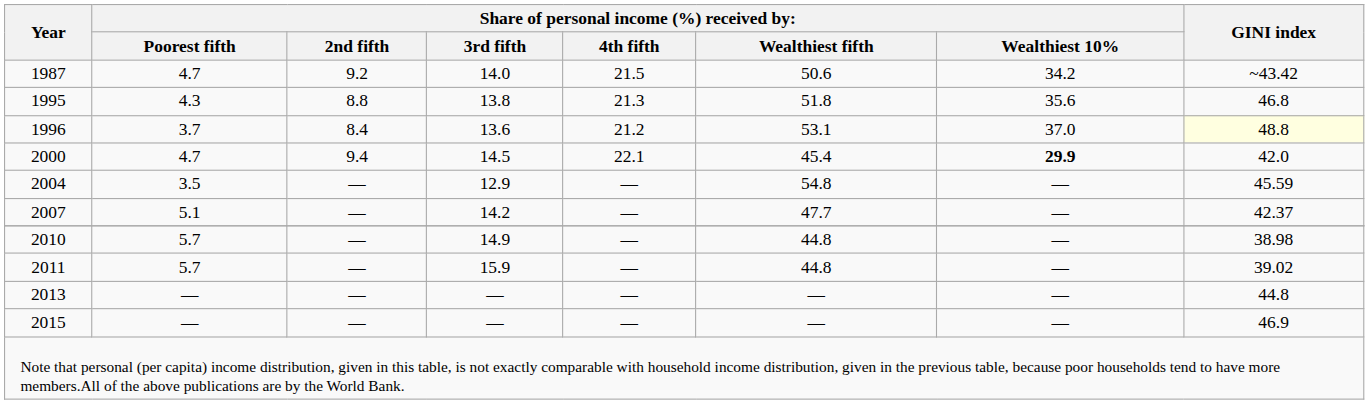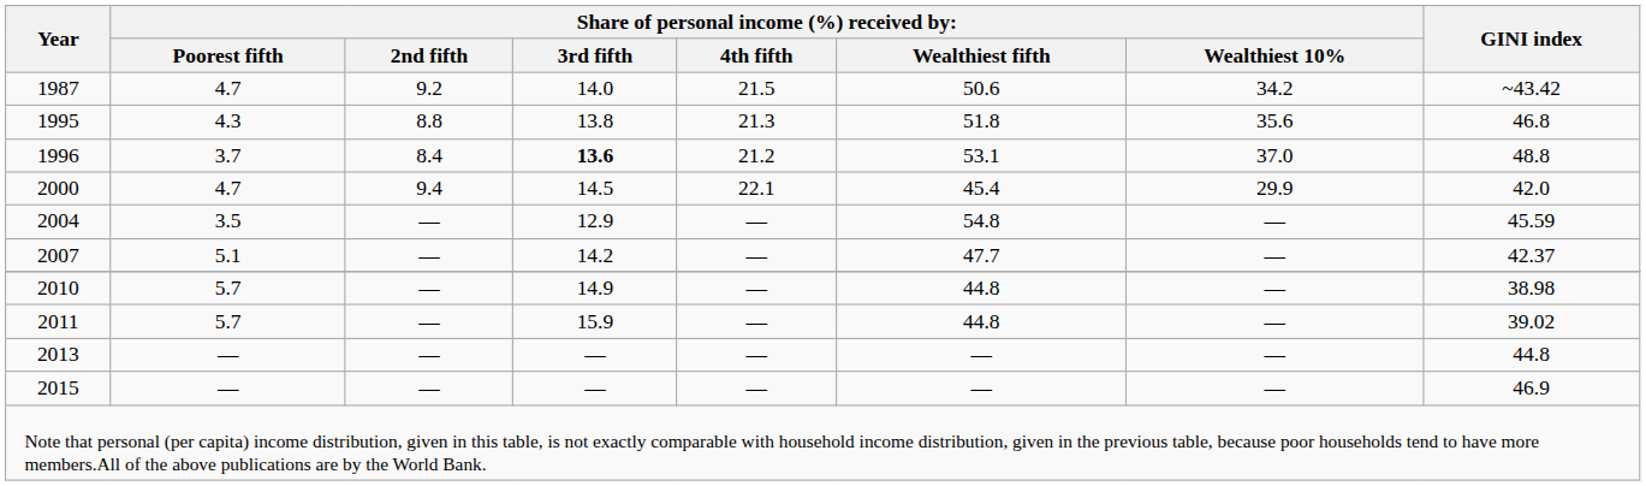 <table class="wikitable" style="text-align:center">
 <tr>
 <th rowspan=2>Year</th>
 <th colspan=6>Share of personal income (%) received by:</th>
 <th rowspan=2>GINI index</th>
 </tr>
 <tr>
 <th>Poorest fifth</th>
 <th>2nd fifth</th>
 <th>3rd fifth</th>
 <th>4th fifth</th>
 <th>Wealthiest fifth</th>
 <th>Wealthiest 10%</th>
 </tr>
 <tr>
 <td>1987</td>
 <td>4.7</td>
 <td>9.2</td>
 <td>14.0</td>
 <td>21.5</td>
 <td>50.6</td>
 <td>34.2</td>
 <td>~43.42</td>
 </tr>
 <tr>
 <td>1995</td>
 <td>4.3</td>
 <td>8.8</td>
 <td>13.8</td>
 <td>21.3</td>
 <td>51.8</td>
 <td>35.6</td>
 <td>46.8</td>
 </tr>
 <tr>
 <td>1996</td>
 <td>3.7</td>
 <td>8.4</td>
-<td>13.6</td>
+<td><strong>13.6</strong></td>
 <td>21.2</td>
 <td>53.1</td>
 <td>37.0</td>
-<td style="background: lightyellow;">48.8</td>
+<td>48.8</td>
 </tr>
 <tr>
 <td>2000</td>
 <td>4.7</td>
 <td>9.4</td>
 <td>14.5</td>
 <td>22.1</td>
 <td>45.4</td>
-<td><strong>29.9</strong></td>
+<td>29.9</td>
 <td>42.0</td>
 </tr>
 <tr>
 <td>2004</td>
 <td>3.5</td>
 <td>—</td>
 <td>12.9</td>
 <td>—</td>
 <td>54.8</td>
 <td>—</td>
 <td>45.59</td>
 </tr>
 <tr>
 <td>2007</td>
 <td>5.1</td>
 <td>—</td>
 <td>14.2</td>
 <td>—</td>
 <td>47.7</td>
 <td>—</td>
 <td>42.37</td>
 </tr>
 <tr>
 </tr>
 <tr>
 <td>2010</td>
 <td>5.7</td>
 <td>—</td>
 <td>14.9</td>
 <td>—</td>
 <td>44.8</td>
 <td>—</td>
 <td>38.98</td>
 </tr>
 <tr>
 <td>2011</td>
 <td>5.7</td>
 <td>—</td>
 <td>15.9</td>
 <td>—</td>
 <td>44.8</td>
 <td>—</td>
 <td>39.02</td>
 </tr>
 <tr>
 <td>2013</td>
 <td>—</td>
 <td>—</td>
 <td>—</td>
 <td>—</td>
 <td>—</td>
 <td>—</td>
 <td>44.8</td>
 </tr>
 <tr>
 <td>2015</td>
 <td>—</td>
 <td>—</td>
 <td>—</td>
 <td>—</td>
 <td>—</td>
 <td>—</td>
 <td>46.9</td>
 </tr>
 <tr>
 <td colspan="8" style="text-align:left; font-size:88%; padding-left:1em;"><br>Note that personal (per capita) income distribution, given in this table, is not exactly comparable with household income distribution, given in the previous table, because poor households tend to have more members.All of the above publications are by the World Bank.</td>
 </tr>
 </table>
